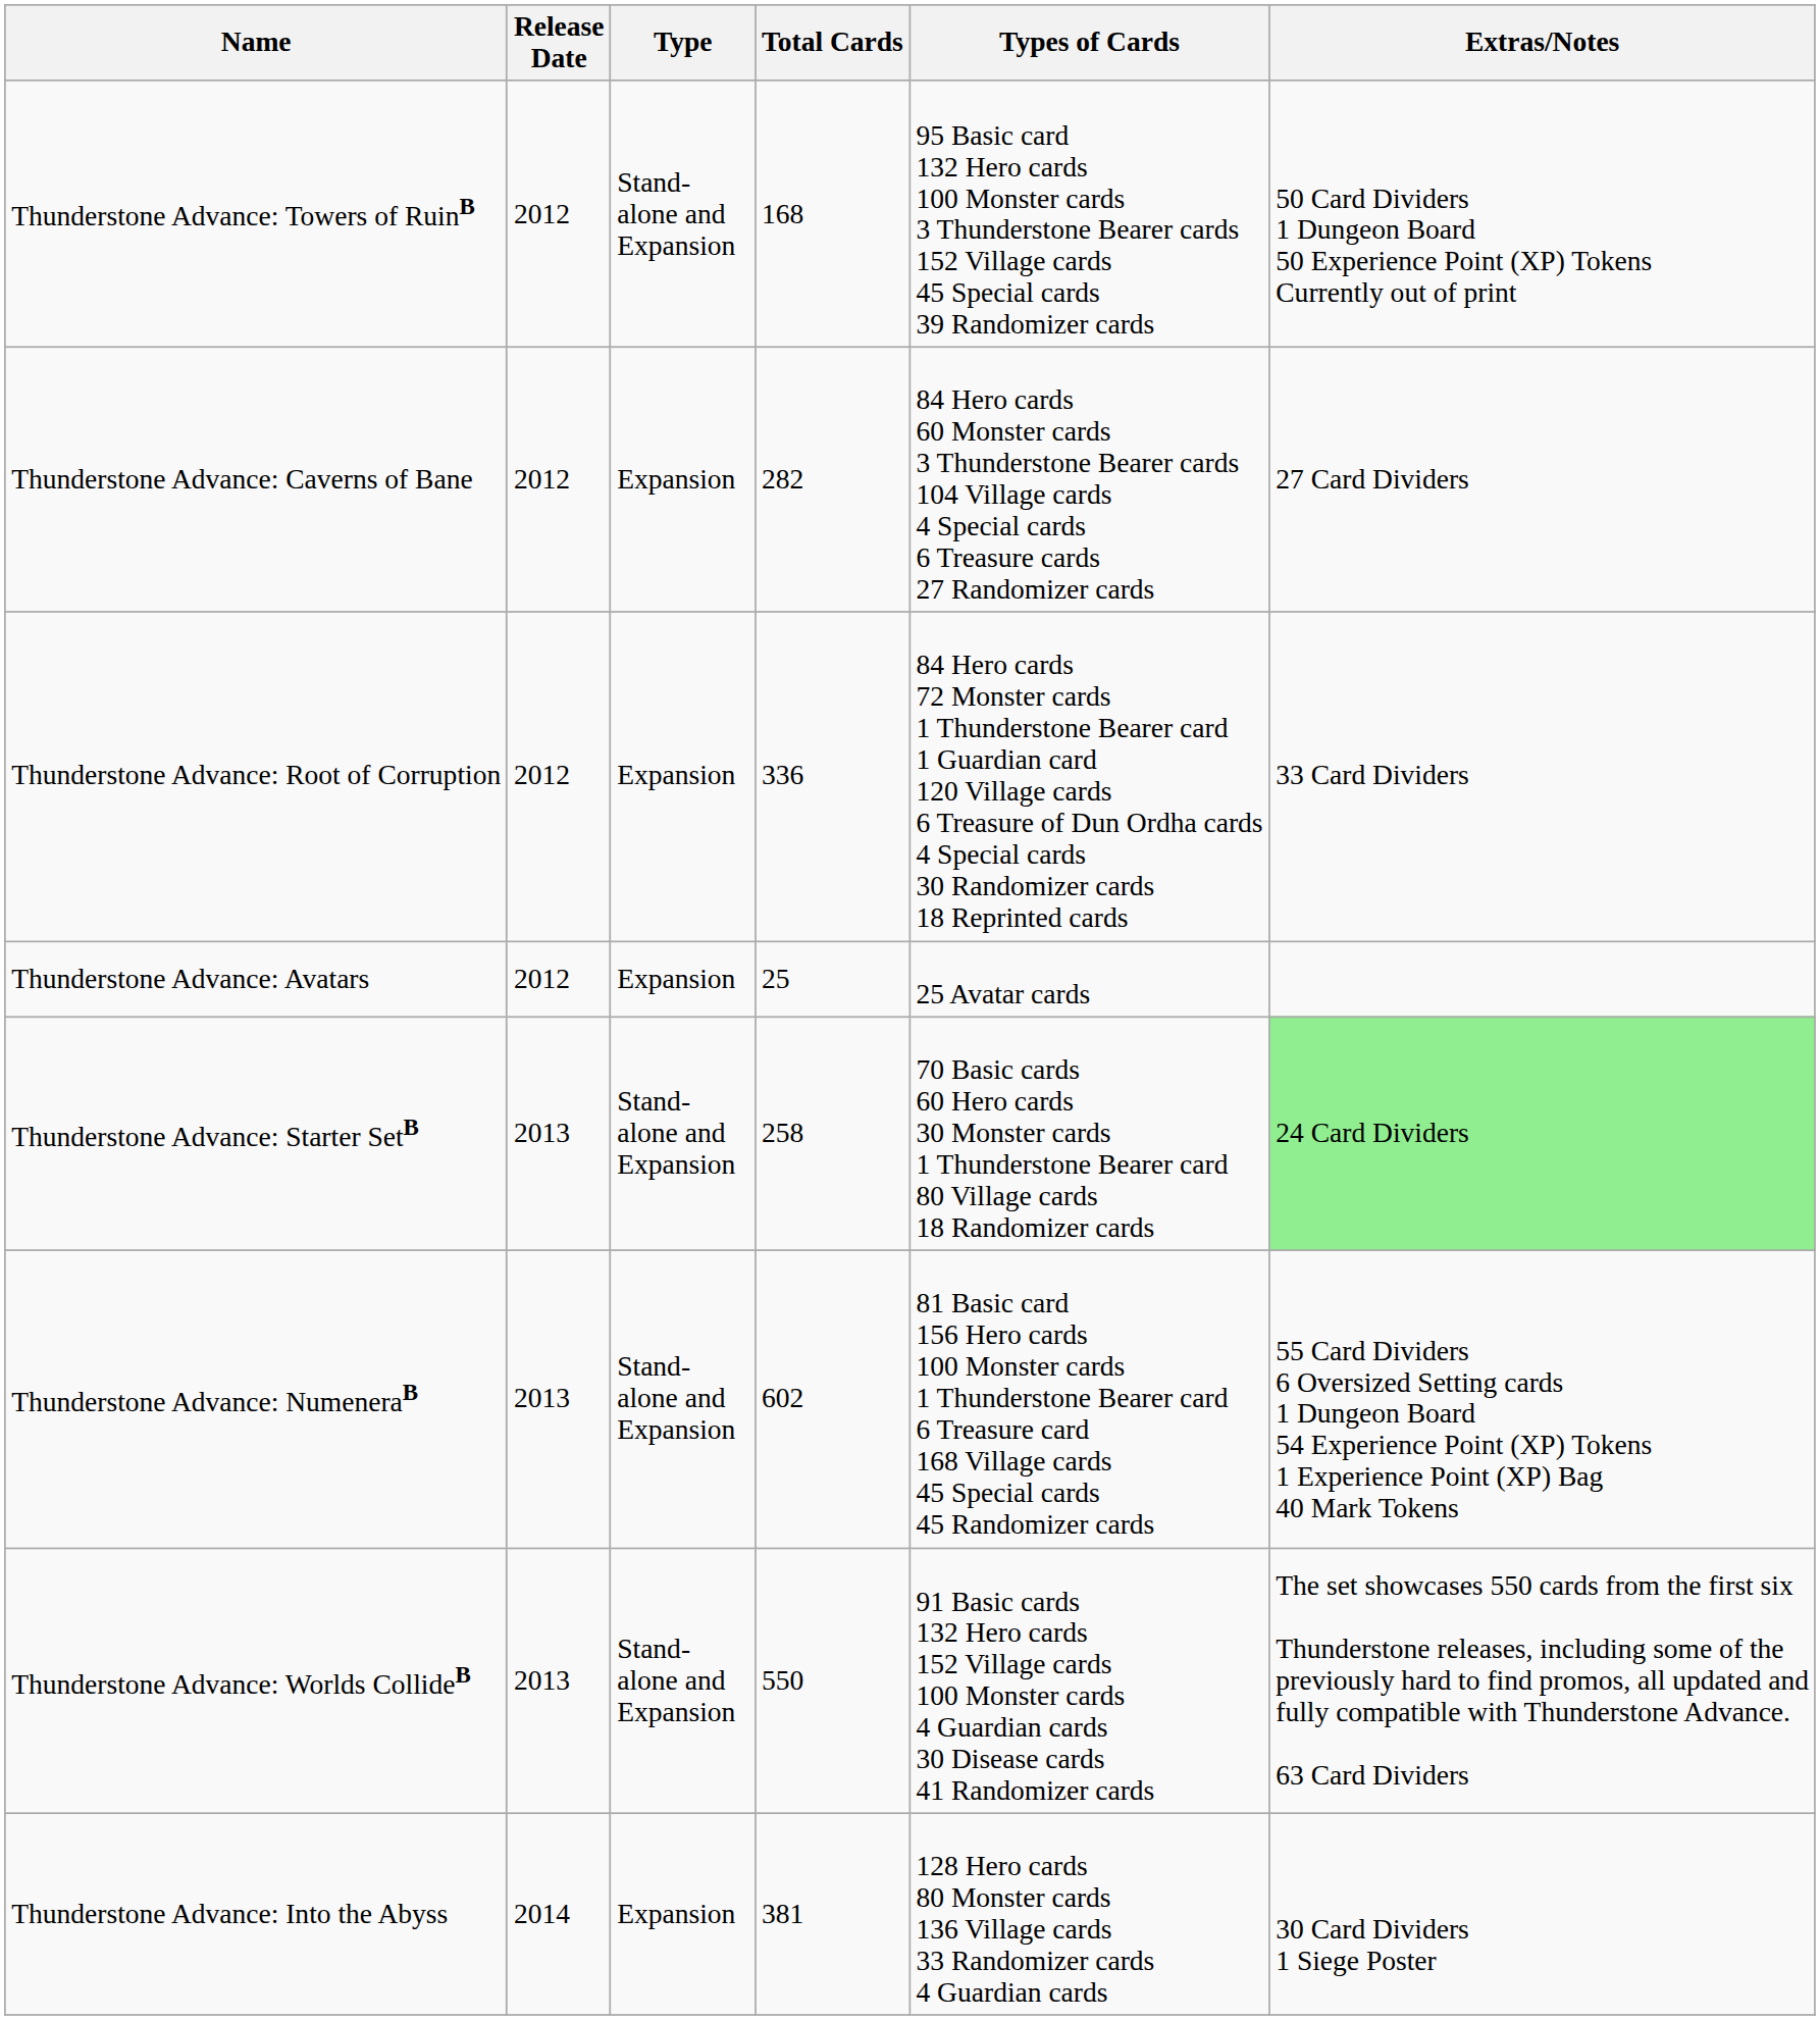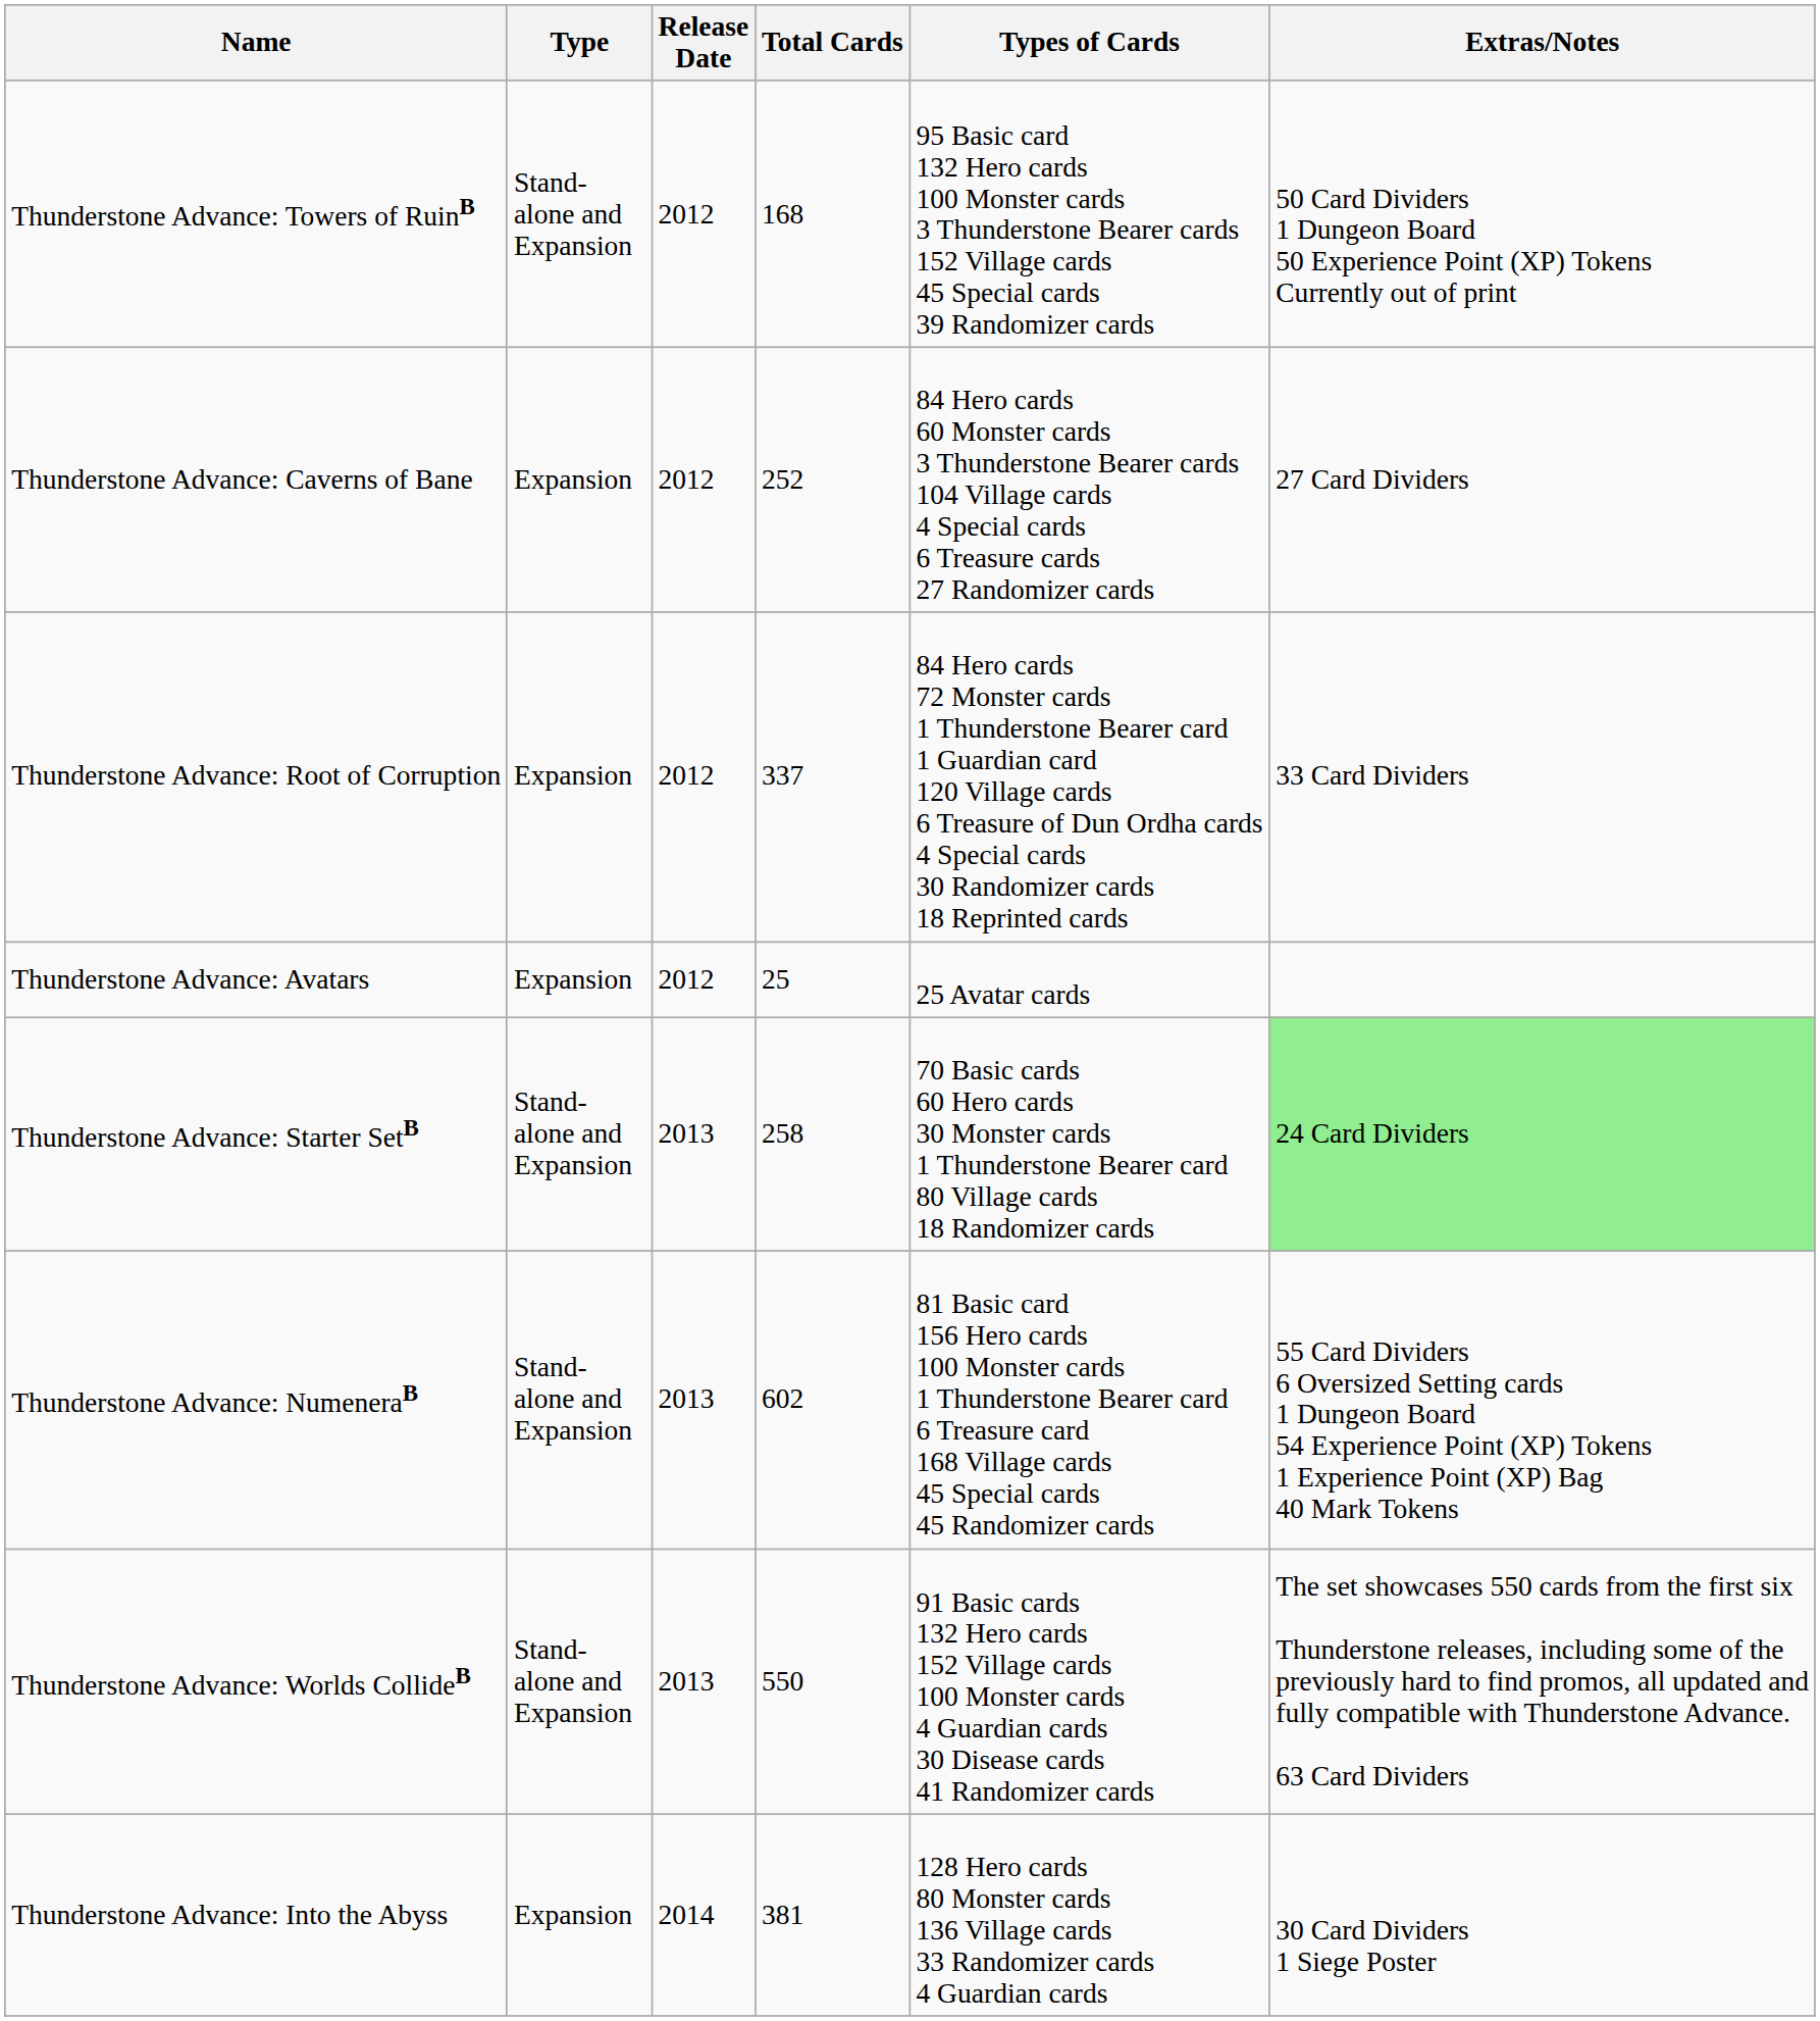 <table class="wikitable sortable">
 <tr>
 <th>Name</th>
+<th width="75px">Type</th>
 <th>Release<br>Date</th>
-<th width="75px">Type</th>
 <th>Total Cards</th>
 <th>Types of Cards</th>
 <th>Extras/Notes</th>
 </tr>
 <tr>
 <td>Thunderstone Advance: Towers of Ruin<sup><strong>B</strong></sup></td>
+<td>Stand-alone and Expansion</td>
 <td>2012</td>
-<td>Stand-alone and Expansion</td>
 <td>168</td>
 <td><br>95 Basic card<br> 132 Hero cards<br> 100 Monster cards<br> 3 Thunderstone Bearer cards<br> 152 Village cards<br> 45 Special cards<br> 39 Randomizer cards</td>
 <td><br><br>50 Card Dividers<br> 1 Dungeon Board<br> 50 Experience Point (XP) Tokens<br>Currently out of print</td>
 </tr>
 <tr>
 <td>Thunderstone Advance: Caverns of Bane</td>
+<td>Expansion</td>
 <td>2012</td>
-<td>Expansion</td>
-<td>282</td>
+<td>252</td>
 <td><br>84 Hero cards<br> 60 Monster cards<br> 3 Thunderstone Bearer cards<br> 104 Village cards<br> 4 Special cards<br> 6 Treasure cards<br> 27 Randomizer cards</td>
 <td>27 Card Dividers</td>
 </tr>
 <tr>
 <td>Thunderstone Advance: Root of Corruption</td>
+<td>Expansion</td>
 <td>2012</td>
-<td>Expansion</td>
-<td>336</td>
+<td>337</td>
 <td><br>84 Hero cards<br> 72 Monster cards<br> 1 Thunderstone Bearer card<br> 1 Guardian card<br> 120 Village cards<br> 6 Treasure of Dun Ordha cards<br> 4 Special cards<br> 30 Randomizer cards<br> 18 Reprinted cards</td>
 <td>33 Card Dividers</td>
 </tr>
 <tr>
 <td>Thunderstone Advance: Avatars</td>
+<td>Expansion</td>
 <td>2012</td>
-<td>Expansion</td>
 <td>25</td>
 <td><br>25 Avatar cards<br></td>
 <td></td>
 </tr>
 <tr>
 <td>Thunderstone Advance: Starter Set<sup><strong>B</strong></sup></td>
+<td>Stand-alone and Expansion</td>
 <td>2013</td>
-<td>Stand-alone and Expansion</td>
 <td>258</td>
 <td><br>70 Basic cards<br> 60 Hero cards<br> 30 Monster cards<br> 1 Thunderstone Bearer card<br> 80 Village cards<br> 18 Randomizer cards<br></td>
 <td style="background: lightgreen;">24 Card Dividers</td>
 </tr>
 <tr>
 <td>Thunderstone Advance: Numenera<sup><strong>B</strong></sup></td>
+<td>Stand-alone and Expansion</td>
 <td>2013</td>
-<td>Stand-alone and Expansion</td>
 <td>602</td>
 <td><br>81 Basic card<br> 156 Hero cards<br> 100 Monster cards<br> 1 Thunderstone Bearer card<br> 6 Treasure card<br> 168 Village cards<br> 45 Special cards<br> 45 Randomizer cards</td>
 <td><br><br>55 Card Dividers<br> 6 Oversized Setting cards<br> 1 Dungeon Board<br> 54 Experience Point (XP) Tokens<br> 1 Experience Point (XP) Bag<br> 40 Mark Tokens</td>
 </tr>
 <tr>
 <td>Thunderstone Advance: Worlds Collide<sup><strong>B</strong></sup></td>
+<td>Stand-alone and Expansion</td>
 <td>2013</td>
-<td>Stand-alone and Expansion</td>
 <td>550</td>
 <td><br>91 Basic cards<br> 132 Hero cards<br> 152 Village cards<br> 100 Monster cards<br> 4 Guardian cards<br> 30 Disease cards<br> 41 Randomizer cards<br></td>
 <td>The set showcases 550 cards from the first six<br><br>Thunderstone releases, including some of the<br> previously hard to find promos, all updated and<br> fully compatible with Thunderstone Advance.<br> <br> 63 Card Dividers<br></td>
 </tr>
 <tr>
 <td>Thunderstone Advance: Into the Abyss</td>
+<td>Expansion</td>
 <td>2014</td>
-<td>Expansion</td>
 <td>381</td>
 <td><br>128 Hero cards<br> 80 Monster cards<br> 136 Village cards<br> 33 Randomizer cards<br> 4 Guardian cards<br></td>
 <td><br><br>30 Card Dividers<br> 1 Siege Poster</td>
 </tr>
 </table>
